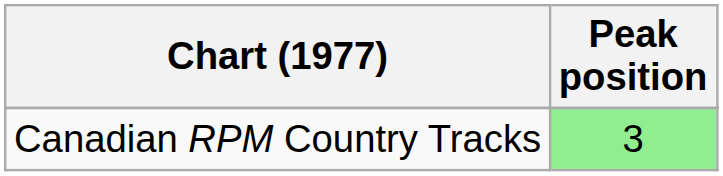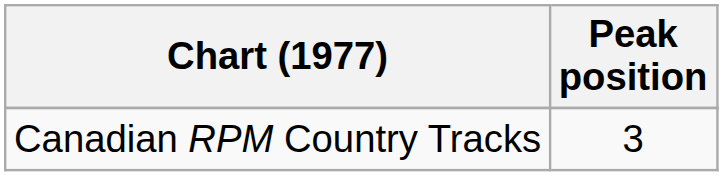 <table class="wikitable sortable">
 <tr>
 <th align="left">Chart (1977)</th>
 <th align"center">Peak<br>position</th>
 </tr>
 <tr>
 </tr>
 <tr>
 <td align="left">Canadian <em>RPM</em> Country Tracks</td>
-<td align="center" style="background: lightgreen;">3</td>
+<td align="center">3</td>
 </tr>
 </table>
